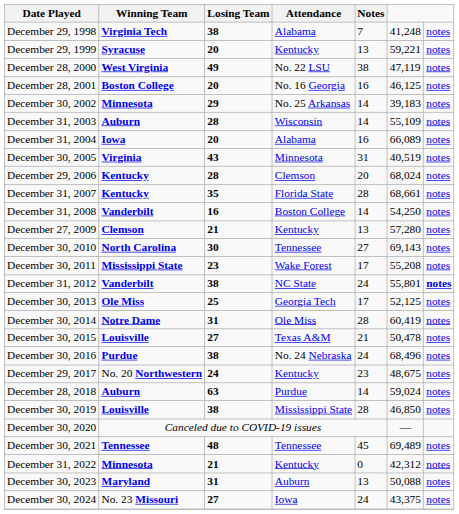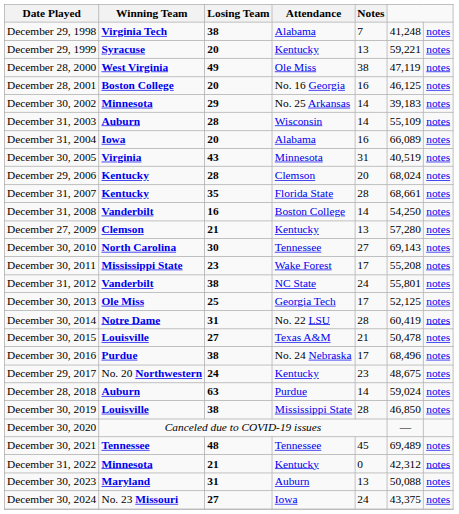 <table class="wikitable">
 <tr>
 <th>Date Played</th>
 <th>Winning Team</th>
 <th>Losing Team</th>
 <th>Attendance</th>
 <th>Notes</th>
 </tr>
 <tr>
 <td>December 29, 1998</td>
 <td><strong><a href='#'>Virginia Tech</a></strong></td>
 <td><strong>38</strong></td>
 <td><a href='#'>Alabama</a></td>
 <td>7</td>
 <td>41,248</td>
 <td><a href='#'>notes</a></td>
 </tr>
 <tr>
 <td>December 29, 1999</td>
 <td><strong><a href='#'>Syracuse</a></strong></td>
 <td><strong>20</strong></td>
 <td><a href='#'>Kentucky</a></td>
 <td>13</td>
 <td>59,221</td>
 <td><a href='#'>notes</a></td>
 </tr>
 <tr>
 <td>December 28, 2000</td>
 <td><strong><a href='#'>West Virginia</a></strong></td>
 <td><strong>49</strong></td>
-<td>No. 22 <a href='#'>LSU</a></td>
+<td><a href='#'>Ole Miss</a></td>
 <td>38</td>
 <td>47,119</td>
 <td><a href='#'>notes</a></td>
 </tr>
 <tr>
 <td>December 28, 2001</td>
 <td><strong><a href='#'>Boston College</a></strong></td>
 <td><strong>20</strong></td>
 <td>No. 16 <a href='#'>Georgia</a></td>
 <td>16</td>
 <td>46,125</td>
 <td><a href='#'>notes</a></td>
 </tr>
 <tr>
 <td>December 30, 2002</td>
 <td><strong><a href='#'>Minnesota</a></strong></td>
 <td><strong>29</strong></td>
 <td>No. 25 <a href='#'>Arkansas</a></td>
 <td>14</td>
 <td>39,183</td>
 <td><a href='#'>notes</a></td>
 </tr>
 <tr>
 <td>December 31, 2003</td>
 <td><strong><a href='#'>Auburn</a></strong></td>
 <td><strong>28</strong></td>
 <td><a href='#'>Wisconsin</a></td>
 <td>14</td>
 <td>55,109</td>
 <td><a href='#'>notes</a></td>
 </tr>
 <tr>
 <td>December 31, 2004</td>
 <td><strong><a href='#'>Iowa</a></strong></td>
 <td><strong>20</strong></td>
 <td><a href='#'>Alabama</a></td>
 <td>16</td>
 <td>66,089</td>
 <td><a href='#'>notes</a></td>
 </tr>
 <tr>
 <td>December 30, 2005</td>
 <td><strong><a href='#'>Virginia</a></strong></td>
 <td><strong>43</strong></td>
 <td><a href='#'>Minnesota</a></td>
 <td>31</td>
 <td>40,519</td>
 <td><a href='#'>notes</a></td>
 </tr>
 <tr>
 <td>December 29, 2006</td>
 <td><strong><a href='#'>Kentucky</a></strong></td>
 <td><strong>28</strong></td>
 <td><a href='#'>Clemson</a></td>
 <td>20</td>
 <td>68,024</td>
 <td><a href='#'>notes</a></td>
 </tr>
 <tr>
 <td>December 31, 2007</td>
 <td><strong><a href='#'>Kentucky</a></strong></td>
 <td><strong>35</strong></td>
 <td><a href='#'>Florida State</a></td>
 <td>28</td>
 <td>68,661</td>
 <td><a href='#'>notes</a></td>
 </tr>
 <tr>
 <td>December 31, 2008</td>
 <td><strong><a href='#'>Vanderbilt</a></strong></td>
 <td><strong>16</strong></td>
 <td><a href='#'>Boston College</a></td>
 <td>14</td>
 <td>54,250</td>
 <td><a href='#'>notes</a></td>
 </tr>
 <tr>
 <td>December 27, 2009</td>
 <td><strong> <a href='#'>Clemson</a></strong></td>
 <td><strong>21</strong></td>
 <td><a href='#'>Kentucky</a></td>
 <td>13</td>
 <td>57,280</td>
 <td><a href='#'>notes</a></td>
 </tr>
 <tr>
 <td>December 30, 2010</td>
 <td><strong> <a href='#'>North Carolina</a></strong></td>
 <td><strong>30</strong></td>
 <td><a href='#'>Tennessee</a></td>
 <td>27 </td>
 <td>69,143</td>
 <td><a href='#'>notes</a></td>
 </tr>
 <tr>
 <td>December 30, 2011</td>
 <td><strong> <a href='#'>Mississippi State</a></strong></td>
 <td><strong>23</strong></td>
 <td><a href='#'>Wake Forest</a></td>
 <td>17</td>
 <td>55,208</td>
 <td><a href='#'>notes</a></td>
 </tr>
 <tr>
 <td>December 31, 2012</td>
 <td><strong> <a href='#'>Vanderbilt</a></strong></td>
 <td><strong>38</strong></td>
 <td><a href='#'>NC State</a></td>
 <td>24</td>
 <td>55,801</td>
-<td><strong><a href='#'>notes</a></strong></td>
+<td><a href='#'>notes</a></td>
 </tr>
 <tr>
 <td>December 30, 2013</td>
 <td><strong> <a href='#'>Ole Miss</a></strong></td>
 <td><strong>25</strong></td>
 <td><a href='#'>Georgia Tech</a></td>
 <td>17</td>
 <td>52,125</td>
 <td><a href='#'>notes</a></td>
 </tr>
 <tr>
 <td>December 30, 2014</td>
 <td><strong> <a href='#'>Notre Dame</a></strong></td>
 <td><strong>31</strong></td>
-<td><a href='#'>Ole Miss</a></td>
+<td>No. 22 <a href='#'>LSU</a></td>
 <td>28</td>
 <td>60,419</td>
 <td><a href='#'>notes</a></td>
 </tr>
 <tr>
 <td>December 30, 2015</td>
 <td><strong> <a href='#'>Louisville</a> </strong></td>
 <td><strong> 27 </strong></td>
 <td><a href='#'>Texas A&M</a></td>
 <td>21</td>
 <td>50,478</td>
 <td><a href='#'>notes</a></td>
 </tr>
 <tr>
 <td>December 30, 2016</td>
 <td><strong><a href='#'>Purdue</a></strong></td>
 <td><strong> 38 </strong></td>
 <td>No. 24 <a href='#'>Nebraska</a></td>
-<td>24</td>
+<td>17</td>
 <td>68,496</td>
 <td><a href='#'>notes</a></td>
 </tr>
 <tr>
 <td>December 29, 2017</td>
 <td>No. 20 <strong><a href='#'>Northwestern</a></strong></td>
 <td><strong>24</strong></td>
 <td><a href='#'>Kentucky</a></td>
 <td>23</td>
 <td>48,675</td>
 <td><a href='#'>notes</a></td>
 </tr>
 <tr>
 <td>December 28, 2018</td>
 <td><strong><a href='#'>Auburn</a></strong></td>
 <td><strong>63</strong></td>
 <td><a href='#'>Purdue</a></td>
 <td>14</td>
 <td>59,024</td>
 <td><a href='#'>notes</a></td>
 </tr>
 <tr>
 <td>December 30, 2019</td>
 <td><strong><a href='#'>Louisville</a></strong></td>
 <td><strong>38</strong></td>
 <td><a href='#'>Mississippi State</a></td>
 <td>28</td>
 <td>46,850</td>
 <td><a href='#'>notes</a></td>
 </tr>
 <tr>
 <td>December 30, 2020</td>
 <td colspan=4 align=center><em>Canceled due to COVID-19 issues</em></td>
 <td align=center>—</td>
 <td></td>
 </tr>
 <tr>
 <td>December 30, 2021</td>
 <td><strong> <a href='#'>Tennessee</a> </strong></td>
 <td><strong>48</strong></td>
 <td><a href='#'>Tennessee</a></td>
 <td>45 </td>
 <td>69,489</td>
 <td><a href='#'>notes</a></td>
 </tr>
 <tr>
 <td>December 31, 2022</td>
 <td><strong><a href='#'>Minnesota</a></strong></td>
 <td><strong>21</strong></td>
 <td><a href='#'>Kentucky</a></td>
 <td>0</td>
 <td>42,312</td>
 <td><a href='#'>notes</a></td>
 </tr>
 <tr>
 <td>December 30, 2023</td>
 <td><strong><a href='#'>Maryland</a></strong></td>
 <td><strong>31</strong></td>
 <td><a href='#'>Auburn</a></td>
 <td>13</td>
 <td>50,088</td>
 <td><a href='#'>notes</a></td>
 </tr>
 <tr>
 <td>December 30, 2024</td>
 <td>No. 23 <strong><a href='#'>Missouri</a></strong></td>
 <td><strong>27</strong></td>
 <td><a href='#'>Iowa</a></td>
 <td>24</td>
 <td>43,375</td>
 <td><a href='#'>notes</a></td>
 </tr>
 <tr>
 </tr>
 </table>
